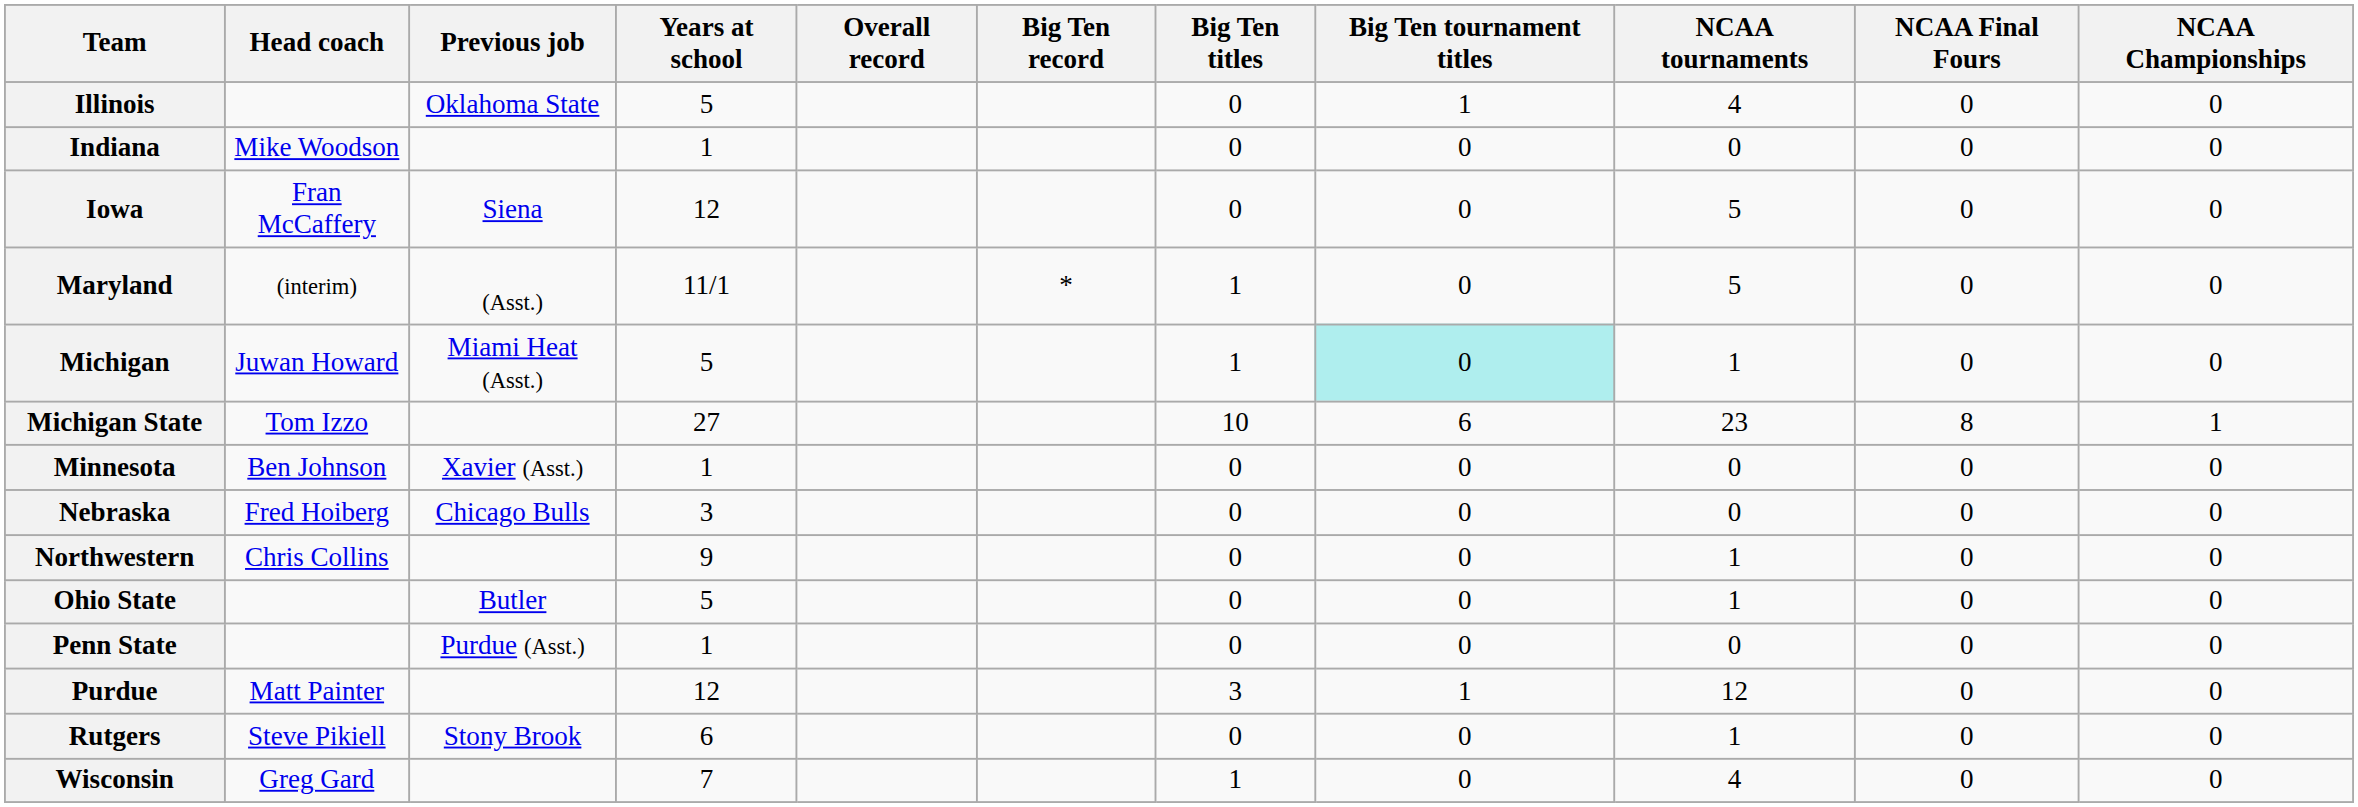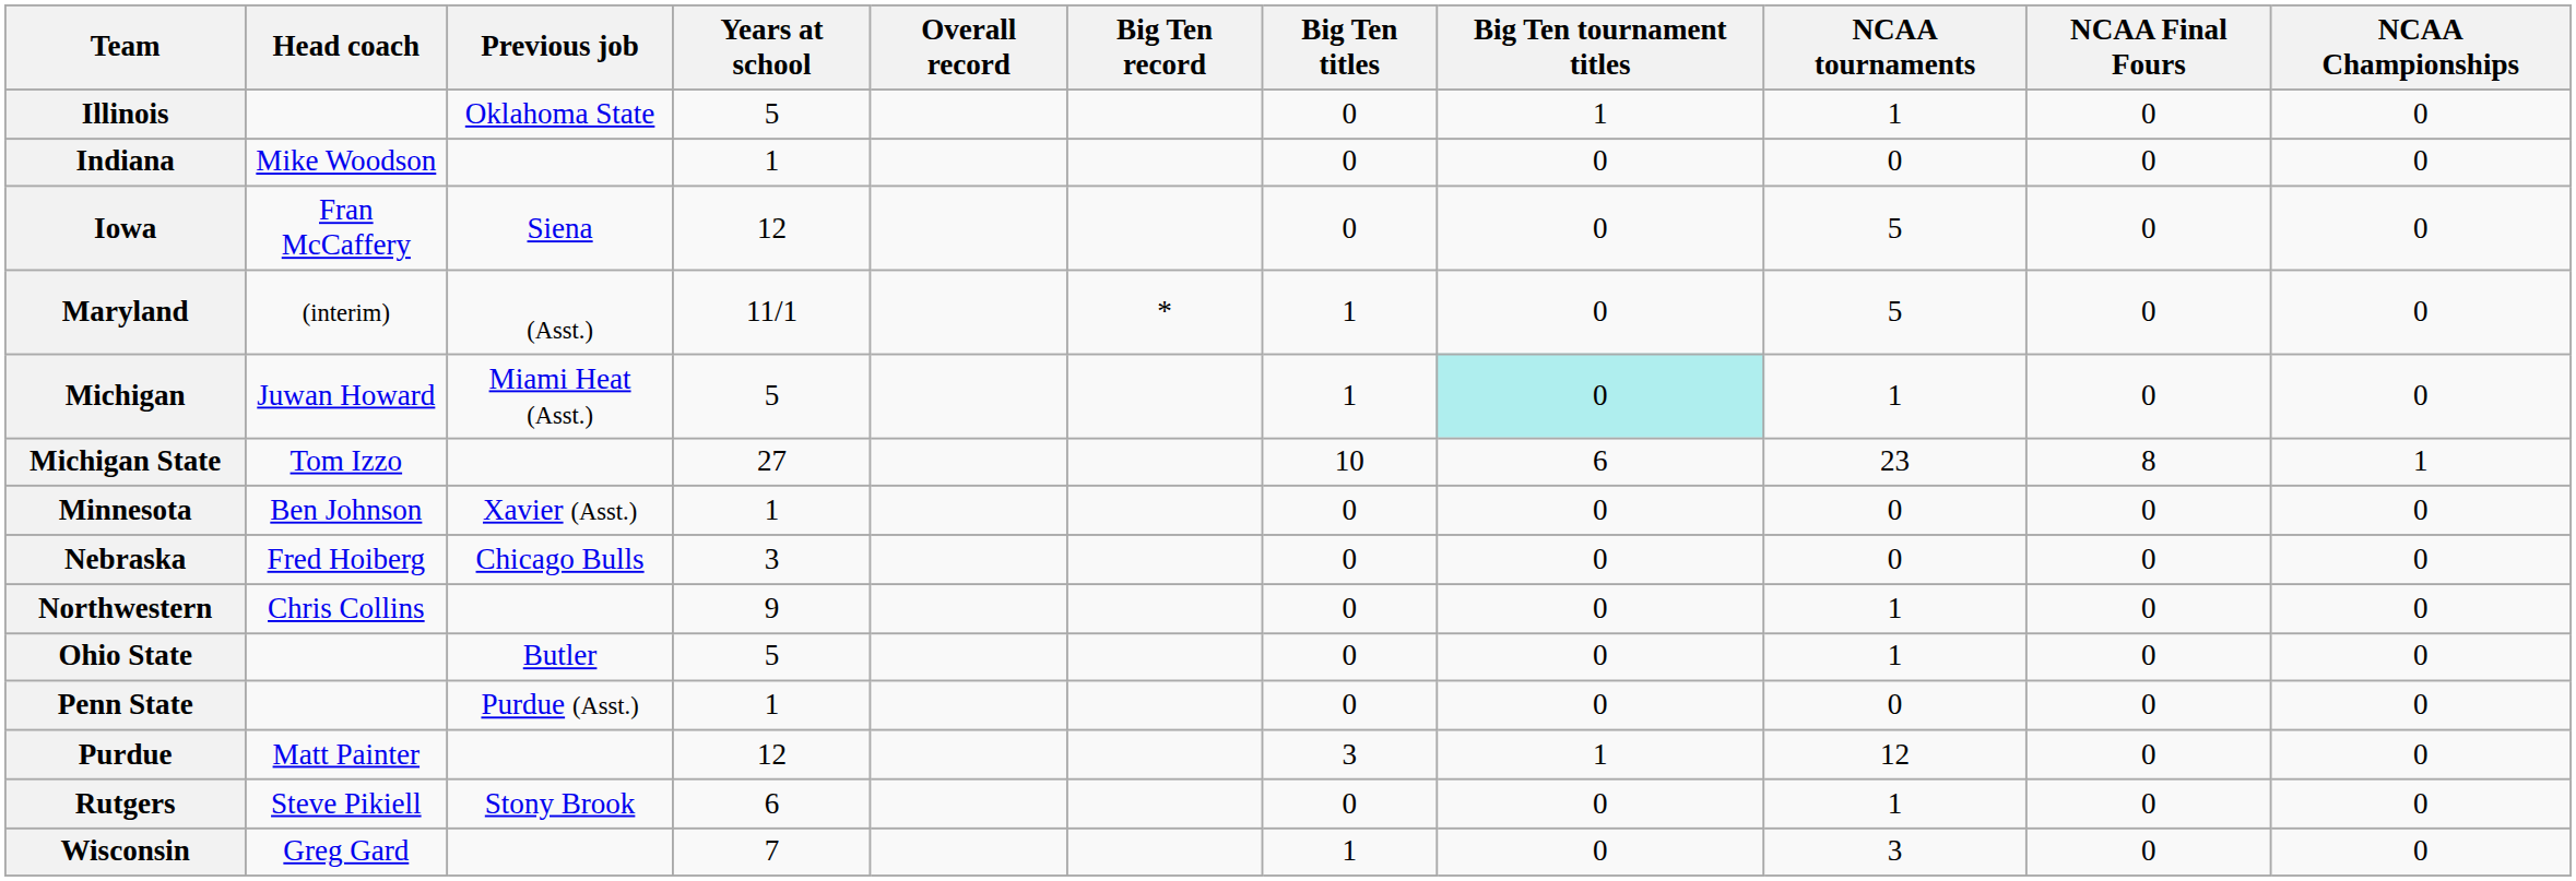 <table class="wikitable sortable" style="text-align: center;font-size:90%;">
 <tr>
 <th width="110">Team</th>
 <th>Head coach</th>
 <th>Previous job</th>
 <th>Years at school</th>
 <th>Overall record</th>
 <th>Big Ten record</th>
 <th>Big Ten titles</th>
 <th>Big Ten tournament titles</th>
 <th>NCAA tournaments</th>
 <th>NCAA Final Fours</th>
 <th>NCAA Championships</th>
 </tr>
 <tr>
 <th style="background:#">Illinois</th>
 <td></td>
 <td><a href='#'>Oklahoma State</a></td>
 <td>5</td>
 <td></td>
 <td></td>
 <td>0</td>
 <td>1</td>
-<td>4</td>
+<td>1</td>
 <td>0</td>
 <td>0</td>
 </tr>
 <tr>
 <th style=>Indiana</th>
 <td><a href='#'>Mike Woodson</a></td>
 <td></td>
 <td>1</td>
 <td></td>
 <td></td>
 <td>0</td>
 <td>0</td>
 <td>0</td>
 <td>0</td>
 <td>0</td>
 </tr>
 <tr>
 <th style=>Iowa</th>
 <td><a href='#'>Fran McCaffery</a></td>
 <td><a href='#'>Siena</a></td>
 <td>12</td>
 <td></td>
 <td></td>
 <td>0</td>
 <td>0</td>
 <td>5</td>
 <td>0</td>
 <td>0</td>
 </tr>
 <tr>
 <th style=>Maryland</th>
 <td><small>(interim)</small></td>
 <td><br><small>(Asst.)</small></td>
 <td>11/1</td>
 <td></td>
 <td>*</td>
 <td>1</td>
 <td>0</td>
 <td>5</td>
 <td>0</td>
 <td>0</td>
 </tr>
 <tr>
 <th style=>Michigan</th>
 <td><a href='#'>Juwan Howard</a></td>
 <td><a href='#'>Miami Heat</a> <small>(Asst.)</small></td>
 <td>5</td>
 <td></td>
 <td></td>
 <td>1</td>
 <td style="background: paleturquoise;">0</td>
 <td>1</td>
 <td>0</td>
 <td>0</td>
 </tr>
 <tr>
 <th style=>Michigan State</th>
 <td><a href='#'>Tom Izzo</a></td>
 <td></td>
 <td>27</td>
 <td></td>
 <td></td>
 <td>10</td>
 <td>6</td>
 <td>23</td>
 <td>8</td>
 <td>1</td>
 </tr>
 <tr>
 <th style=>Minnesota</th>
 <td><a href='#'>Ben Johnson</a></td>
 <td><a href='#'>Xavier</a> <small>(Asst.)</small></td>
 <td>1</td>
 <td></td>
 <td></td>
 <td>0</td>
 <td>0</td>
 <td>0</td>
 <td>0</td>
 <td>0</td>
 </tr>
 <tr>
 <th style=>Nebraska</th>
 <td><a href='#'>Fred Hoiberg</a></td>
 <td><a href='#'>Chicago Bulls</a></td>
 <td>3</td>
 <td></td>
 <td></td>
 <td>0</td>
 <td>0</td>
 <td>0</td>
 <td>0</td>
 <td>0</td>
 </tr>
 <tr>
 <th style=>Northwestern</th>
 <td><a href='#'>Chris Collins</a></td>
 <td></td>
 <td>9</td>
 <td></td>
 <td></td>
 <td>0</td>
 <td>0</td>
 <td>1</td>
 <td>0</td>
 <td>0</td>
 </tr>
 <tr>
 <th style=>Ohio State</th>
 <td></td>
 <td><a href='#'>Butler</a></td>
 <td>5</td>
 <td></td>
 <td></td>
 <td>0</td>
 <td>0</td>
 <td>1</td>
 <td>0</td>
 <td>0</td>
 </tr>
 <tr>
 <th style=>Penn State</th>
 <td></td>
 <td><a href='#'>Purdue</a> <small>(Asst.)</small></td>
 <td>1</td>
 <td></td>
 <td></td>
 <td>0</td>
 <td>0</td>
 <td>0</td>
 <td>0</td>
 <td>0</td>
 </tr>
 <tr>
 <th style=>Purdue</th>
 <td><a href='#'>Matt Painter</a></td>
 <td></td>
 <td>12</td>
 <td></td>
 <td></td>
 <td>3</td>
 <td>1</td>
 <td>12</td>
 <td>0</td>
 <td>0</td>
 </tr>
 <tr>
 <th style=>Rutgers</th>
 <td><a href='#'>Steve Pikiell</a></td>
 <td><a href='#'>Stony Brook</a></td>
 <td>6</td>
 <td></td>
 <td></td>
 <td>0</td>
 <td>0</td>
 <td>1</td>
 <td>0</td>
 <td>0</td>
 </tr>
 <tr>
 <th style=>Wisconsin</th>
 <td><a href='#'>Greg Gard</a></td>
 <td></td>
 <td>7</td>
 <td></td>
 <td></td>
 <td>1</td>
 <td>0</td>
-<td>4</td>
+<td>3</td>
 <td>0</td>
 <td>0</td>
 </tr>
 </table>
